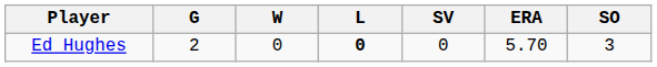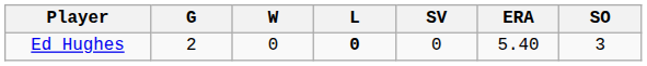 <table class="wikitable sortable" style="text-align:center; font-size: 95%;">
 <tr>
 <th bgcolor="#DDDDFF" width="16%">Player</th>
 <th bgcolor="#DDDDFF" width="9%">G</th>
 <th bgcolor="#DDDDFF" width="9%">W</th>
 <th bgcolor="#DDDDFF" width="9%">L</th>
 <th bgcolor="#DDDDFF" width="9%">SV</th>
 <th bgcolor="#DDDDFF" width="9%">ERA</th>
 <th bgcolor="#DDDDFF" width="9%">SO</th>
 </tr>
 <tr align=center>
 <td><a href='#'>Ed Hughes</a></td>
 <td>2</td>
 <td>0</td>
 <td><strong>0</strong></td>
 <td>0</td>
-<td>5.70</td>
+<td>5.40</td>
 <td>3</td>
 </tr>
 </table>
